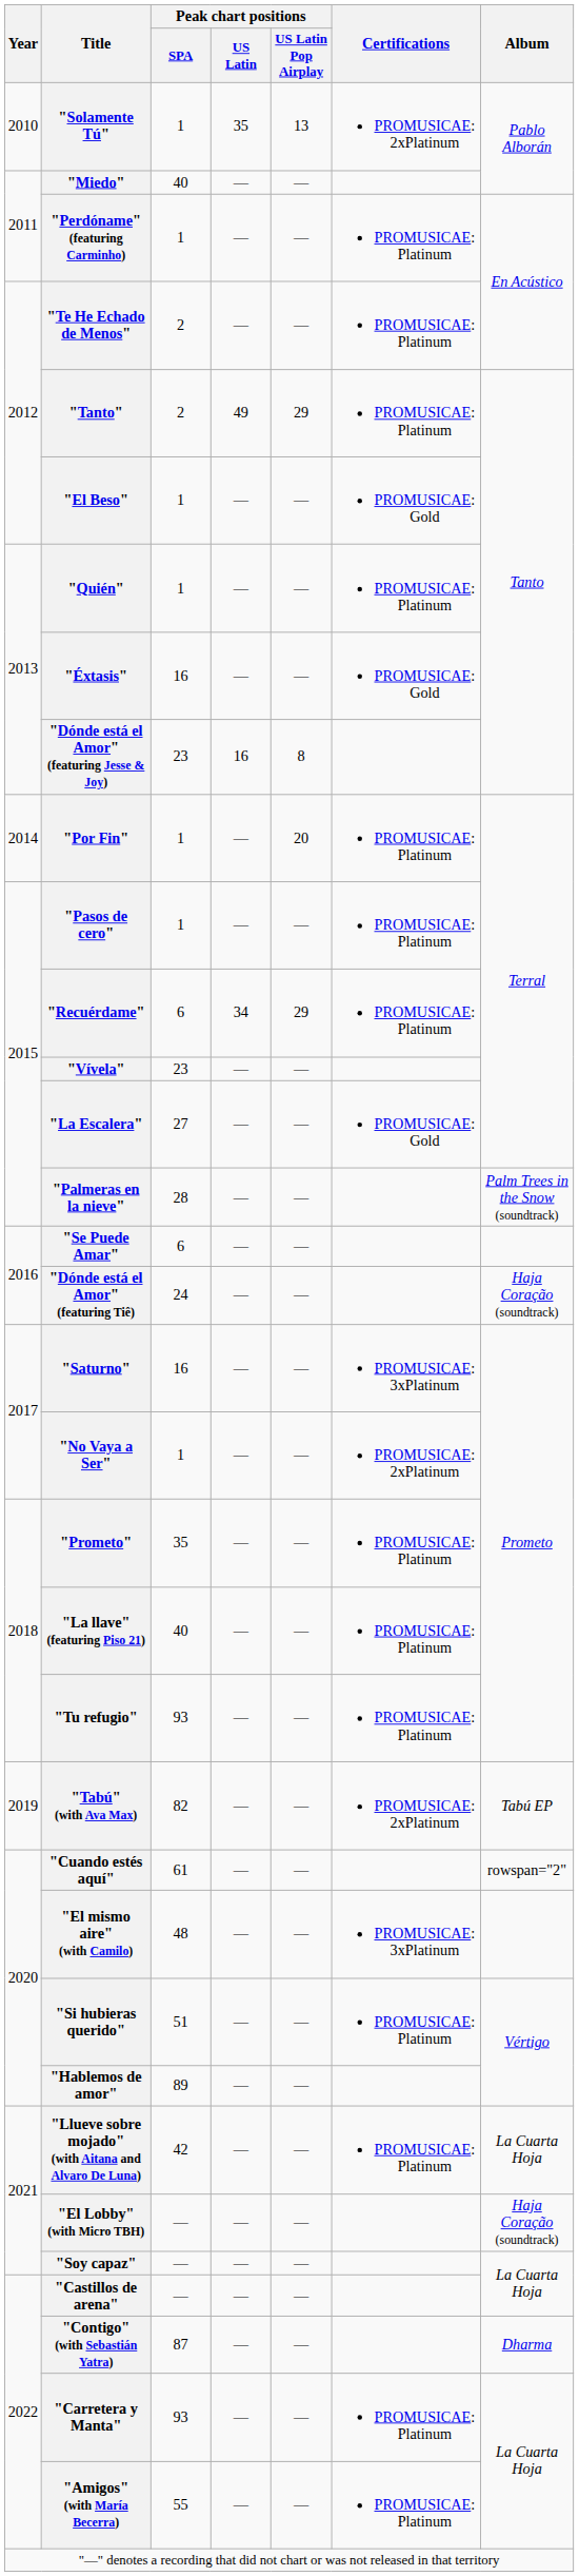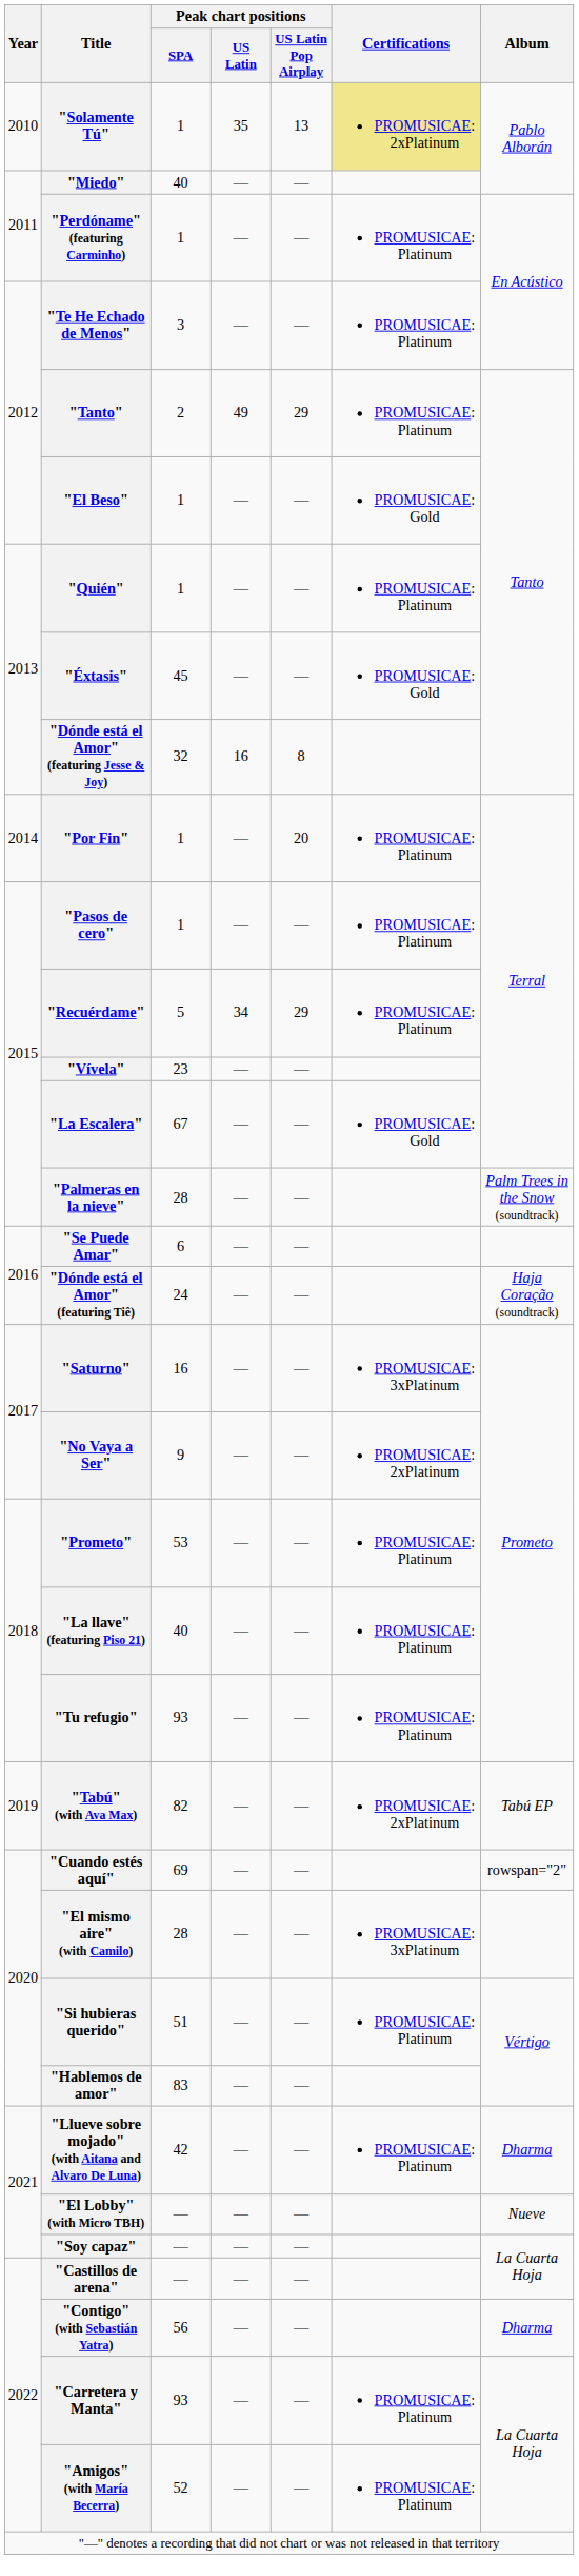 <table class="wikitable plainrowheaders" style="text-align:center;" border="1">
 <tr>
 <th scope="col" rowspan="2">Year</th>
 <th scope="col" rowspan="2">Title</th>
 <th scope="col" colspan="3">Peak chart positions</th>
 <th scope="col" rowspan="2"><a href='#'>Certifications</a></th>
 <th scope="col" rowspan="2">Album</th>
 </tr>
 <tr>
 <th scope="col" style="width:4em;font-size:90%;"><a href='#'>SPA</a><br></th>
 <th scope="col" style="width:4em;font-size:90%;"><a href='#'>US<br>Latin</a><br></th>
 <th scope="col" style="width:4em;font-size:90%;"><a href='#'>US Latin Pop Airplay</a><br></th>
 </tr>
 <tr>
 <td>2010</td>
 <th scope="row">"<a href='#'>Solamente Tú</a>"</th>
 <td>1</td>
 <td>35</td>
 <td>13</td>
-<td><br><ul><li><a href='#'>PROMUSICAE</a>: 2xPlatinum</li></ul></td>
+<td style="background: khaki;"><br><ul><li><a href='#'>PROMUSICAE</a>: 2xPlatinum</li></ul></td>
 <td rowspan="2"><em><a href='#'>Pablo Alborán</a></em></td>
 </tr>
 <tr>
 <td rowspan="2">2011</td>
 <th scope="row">"<a href='#'>Miedo</a>"</th>
 <td>40</td>
 <td>—</td>
 <td>—</td>
 <td></td>
 </tr>
 <tr>
 <th scope="row">"<a href='#'>Perdóname</a>" <small><br>(featuring <a href='#'>Carminho</a>)</small></th>
 <td>1</td>
 <td>—</td>
 <td>—</td>
 <td><br><ul><li><a href='#'>PROMUSICAE</a>: Platinum</li></ul></td>
 <td rowspan="2"><em><a href='#'>En Acústico</a></em></td>
 </tr>
 <tr>
 <td rowspan="3">2012</td>
 <th scope="row">"<a href='#'>Te He Echado de Menos</a>"</th>
-<td>2</td>
+<td>3</td>
 <td>—</td>
 <td>—</td>
 <td><br><ul><li><a href='#'>PROMUSICAE</a>: Platinum</li></ul></td>
 </tr>
 <tr>
 <th scope="row">"<a href='#'>Tanto</a>"</th>
 <td>2</td>
 <td>49</td>
 <td>29</td>
 <td><br><ul><li><a href='#'>PROMUSICAE</a>: Platinum</li></ul></td>
 <td rowspan=5><em><a href='#'>Tanto</a></em></td>
 </tr>
 <tr>
 <th scope="row">"<a href='#'>El Beso</a>"</th>
 <td>1</td>
 <td>—</td>
 <td>—</td>
 <td><br><ul><li><a href='#'>PROMUSICAE</a>: Gold</li></ul></td>
 </tr>
 <tr>
 <td rowspan="3">2013</td>
 <th scope="row">"<a href='#'>Quién</a>"</th>
 <td>1</td>
 <td>—</td>
 <td>—</td>
 <td><br><ul><li><a href='#'>PROMUSICAE</a>: Platinum</li></ul></td>
 </tr>
 <tr>
 <th scope="row">"<a href='#'>Éxtasis</a>"</th>
-<td>16</td>
+<td>45</td>
 <td>—</td>
 <td>—</td>
 <td><br><ul><li><a href='#'>PROMUSICAE</a>: Gold</li></ul></td>
 </tr>
 <tr>
 <th scope="row">"<a href='#'>Dónde está el Amor</a>" <br><small>(featuring <a href='#'>Jesse & Joy</a>)</small></th>
-<td>23</td>
+<td>32</td>
 <td>16</td>
 <td>8</td>
 <td></td>
 </tr>
 <tr>
 <td rowspan="1">2014</td>
 <th scope="row">"<a href='#'>Por Fin</a>"</th>
 <td>1</td>
 <td>—</td>
 <td>20</td>
 <td><br><ul><li><a href='#'>PROMUSICAE</a>: Platinum</li></ul></td>
 <td rowspan="5"><em><a href='#'>Terral</a></em></td>
 </tr>
 <tr>
 <td rowspan="5">2015</td>
 <th scope="row">"<a href='#'>Pasos de cero</a>"</th>
 <td>1</td>
 <td>—</td>
 <td>—</td>
 <td><br><ul><li><a href='#'>PROMUSICAE</a>: Platinum</li></ul></td>
 </tr>
 <tr>
 <th scope="row">"<a href='#'>Recuérdame</a>"</th>
-<td>6</td>
+<td>5</td>
 <td>34</td>
 <td>29</td>
 <td><br><ul><li><a href='#'>PROMUSICAE</a>: Platinum</li></ul></td>
 </tr>
 <tr>
 <th scope="row">"<a href='#'>Vívela</a>"</th>
 <td>23</td>
 <td>—</td>
 <td>—</td>
 <td></td>
 </tr>
 <tr>
 <th scope="row">"<a href='#'>La Escalera</a>"</th>
-<td>27</td>
+<td>67</td>
 <td>—</td>
 <td>—</td>
 <td><br><ul><li><a href='#'>PROMUSICAE</a>: Gold</li></ul></td>
 </tr>
 <tr>
 <th scope="row">"<a href='#'>Palmeras en la nieve</a>"</th>
 <td>28</td>
 <td>—</td>
 <td>—</td>
 <td></td>
 <td><em><a href='#'>Palm Trees in the Snow</a></em> <small>(soundtrack)</small></td>
 </tr>
 <tr>
 <td rowspan="2">2016</td>
 <th scope="row">"<a href='#'>Se Puede Amar</a>"</th>
 <td>6</td>
 <td>—</td>
 <td>—</td>
 <td></td>
 <td></td>
 </tr>
 <tr>
 <th scope="row">"<a href='#'>Dónde está el Amor</a>" <br><small>(featuring Tiê)</small></th>
 <td>24</td>
 <td>—</td>
 <td>—</td>
 <td></td>
 <td><em><a href='#'>Haja Coração</a></em> <small>(soundtrack)</small></td>
 </tr>
 <tr>
 <td rowspan="2">2017</td>
 <th scope="row">"<a href='#'>Saturno</a>"</th>
 <td>16<br></td>
 <td>—</td>
 <td>—</td>
 <td><br><ul><li><a href='#'>PROMUSICAE</a>: 3xPlatinum</li></ul></td>
 <td rowspan="5"><em><a href='#'>Prometo</a></em></td>
 </tr>
 <tr>
 <th scope="row">"<a href='#'>No Vaya a Ser</a>"</th>
-<td>1<br></td>
+<td>9<br></td>
 <td>—</td>
 <td>—</td>
 <td><br><ul><li><a href='#'>PROMUSICAE</a>: 2xPlatinum</li></ul></td>
 </tr>
 <tr>
 <td rowspan="3">2018</td>
 <th scope="row">"<a href='#'>Prometo</a>"</th>
-<td>35</td>
+<td>53</td>
 <td>—</td>
 <td>—</td>
 <td><br><ul><li><a href='#'>PROMUSICAE</a>: Platinum</li></ul></td>
 </tr>
 <tr>
 <th scope="row">"La llave" <br><small>(featuring <a href='#'>Piso 21</a>)</small></th>
 <td>40</td>
 <td>—</td>
 <td>—</td>
 <td><br><ul><li><a href='#'>PROMUSICAE</a>: Platinum</li></ul></td>
 </tr>
 <tr>
 <th scope="row">"Tu refugio"</th>
 <td>93</td>
 <td>—</td>
 <td>—</td>
 <td><br><ul><li><a href='#'>PROMUSICAE</a>: Platinum</li></ul></td>
 </tr>
 <tr>
 <td>2019</td>
 <th scope="row">"<a href='#'>Tabú</a>" <br><small>(with <a href='#'>Ava Max</a>)</small></th>
 <td>82</td>
 <td>—</td>
 <td>—</td>
 <td><br><ul><li><a href='#'>PROMUSICAE</a>: 2xPlatinum</li></ul></td>
 <td><em>Tabú EP</em></td>
 </tr>
 <tr>
 <td rowspan="4">2020</td>
 <th scope="row">"Cuando estés aquí"</th>
-<td>61</td>
+<td>69</td>
 <td>—</td>
 <td>—</td>
 <td></td>
 <td>rowspan="2" </td>
 </tr>
 <tr>
 <th scope="row">"El mismo aire" <br><small>(with <a href='#'>Camilo</a>)</small></th>
-<td>48</td>
+<td>28</td>
 <td>—</td>
 <td>—</td>
 <td><br><ul><li><a href='#'>PROMUSICAE</a>: 3xPlatinum</li></ul></td>
 </tr>
 <tr>
 <th scope="row">"Si hubieras querido"</th>
 <td>51</td>
 <td>—</td>
 <td>—</td>
 <td><br><ul><li><a href='#'>PROMUSICAE</a>: Platinum</li></ul></td>
 <td rowspan="2"><em><a href='#'>Vértigo</a></em></td>
 </tr>
 <tr>
 <th scope="row">"Hablemos de amor"</th>
-<td>89</td>
+<td>83</td>
 <td>—</td>
 <td>—</td>
 <td></td>
 </tr>
 <tr>
 <td rowspan="3">2021</td>
 <th scope="row">"Llueve sobre mojado" <br><small>(with <a href='#'>Aitana</a> and <a href='#'>Alvaro De Luna</a>)</small></th>
 <td>42</td>
 <td>—</td>
 <td>—</td>
 <td><br><ul><li><a href='#'>PROMUSICAE</a>: Platinum</li></ul></td>
-<td><em>La Cuarta Hoja</em></td>
+<td><a href='#'><em>Dharma</em></a></td>
 </tr>
 <tr>
 <th scope="row">"El Lobby" <br><small>(with Micro TBH)</small></th>
 <td>—</td>
 <td>—</td>
 <td>—</td>
 <td></td>
-<td><em><a href='#'>Haja Coração</a></em> <small>(soundtrack)</small></td>
+<td><em>Nueve</em></td>
 </tr>
 <tr>
 <th scope="row">"Soy capaz"</th>
 <td>—</td>
 <td>—</td>
 <td>—</td>
 <td></td>
 <td rowspan="2"><em>La Cuarta Hoja</em></td>
 </tr>
 <tr>
 <td rowspan="4">2022</td>
 <th scope="row">"Castillos de arena"</th>
 <td>—</td>
 <td>—</td>
 <td>—</td>
 </tr>
 <tr>
 <th scope="row">"Contigo"<br><small>(with <a href='#'>Sebastián Yatra</a>)</small></th>
-<td>87</td>
+<td>56</td>
 <td>—</td>
 <td>—</td>
 <td></td>
 <td><a href='#'><em>Dharma</em></a></td>
 </tr>
 <tr>
 <th scope="row">"Carretera y Manta"</th>
 <td>93</td>
 <td>—</td>
 <td>—</td>
 <td><br><ul><li><a href='#'>PROMUSICAE</a>: Platinum</li></ul></td>
 <td rowspan="2"><em>La Cuarta Hoja</em></td>
 </tr>
 <tr>
 <th scope="row">"Amigos" <small><br>(with <a href='#'>María Becerra</a>)</small></th>
-<td>55</td>
+<td>52</td>
 <td>—</td>
 <td>—</td>
 <td><br><ul><li><a href='#'>PROMUSICAE</a>: Platinum</li></ul></td>
 </tr>
 <tr>
 <td colspan="15" style="font-size:90%">"—" denotes a recording that did not chart or was not released in that territory</td>
 </tr>
 </table>
